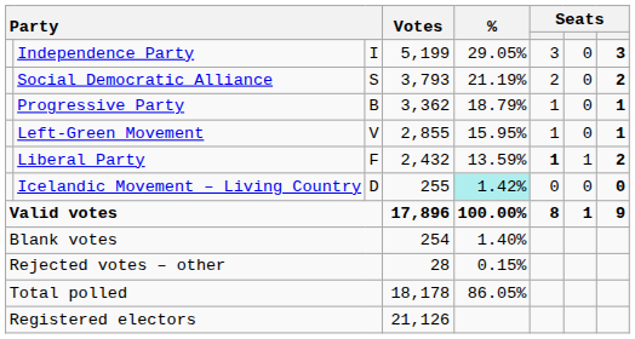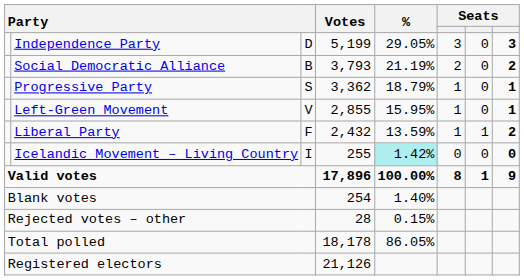 <table class="wikitable" border="1" style="text-align:right;">
 <tr>
 <th style="text-align:left;" valign=bottom rowspan=2 colspan=3>Party</th>
 <th align=center valign=bottom rowspan=2 width="50">Votes</th>
 <th align=center valign=bottom rowspan=2 width="50">%</th>
 <th colspan=3>Seats</th>
 </tr>
 <tr>
 <th align=center valign=bottom width="20"><small></small></th>
 <th align=center valign=bottom width="20"><small><a href='#'></a></small></th>
 <th align=center valign=bottom width="20"><small></small></th>
 </tr>
 <tr>
 <td></td>
 <td align=left><a href='#'>Independence Party</a></td>
-<td align=left>I</td>
+<td align=left>D</td>
 <td>5,199</td>
 <td>29.05%</td>
 <td>3</td>
 <td>0</td>
 <td><strong>3</strong></td>
 </tr>
 <tr>
 <td></td>
 <td align=left style="white-space: nowrap;"><a href='#'>Social Democratic Alliance</a></td>
-<td align=left>S</td>
+<td align=left>B</td>
 <td>3,793</td>
 <td>21.19%</td>
 <td>2</td>
 <td>0</td>
 <td><strong>2</strong></td>
 </tr>
 <tr>
 <td></td>
 <td align=left><a href='#'>Progressive Party</a></td>
-<td align=left>B</td>
+<td align=left>S</td>
 <td>3,362</td>
 <td>18.79%</td>
 <td>1</td>
 <td>0</td>
 <td><strong>1</strong></td>
 </tr>
 <tr>
 <td></td>
 <td align=left><a href='#'>Left-Green Movement</a></td>
 <td align=left>V</td>
 <td>2,855</td>
 <td>15.95%</td>
 <td>1</td>
 <td>0</td>
 <td><strong>1</strong></td>
 </tr>
 <tr>
 <td></td>
 <td align=left><a href='#'>Liberal Party</a></td>
 <td align=left>F</td>
 <td>2,432</td>
 <td>13.59%</td>
-<td><strong>1</strong></td>
+<td>1</td>
 <td>1</td>
 <td><strong>2</strong></td>
 </tr>
 <tr>
 <td></td>
 <td align=left><a href='#'>Icelandic Movement – Living Country</a></td>
-<td align=left>D</td>
+<td align=left>I</td>
 <td>255</td>
 <td style="background: paleturquoise;">1.42%</td>
 <td>0</td>
 <td>0</td>
 <td><strong>0</strong></td>
 </tr>
 <tr style="font-weight:bold">
 <td align=left colspan=3>Valid votes</td>
 <td>17,896</td>
 <td>100.00%</td>
 <td>8</td>
 <td>1</td>
 <td>9</td>
 </tr>
 <tr>
 <td align=left colspan=3>Blank votes</td>
 <td>254</td>
 <td>1.40%</td>
 <td></td>
 <td></td>
 <td></td>
 </tr>
 <tr>
 <td align=left colspan=3>Rejected votes – other</td>
 <td>28</td>
 <td>0.15%</td>
 <td></td>
 <td></td>
 <td></td>
 </tr>
 <tr>
 <td align=left colspan=3>Total polled</td>
 <td>18,178</td>
 <td>86.05%</td>
 <td></td>
 <td></td>
 <td></td>
 </tr>
 <tr>
 <td align=left colspan=3>Registered electors</td>
 <td>21,126</td>
 <td></td>
 <td></td>
 <td></td>
 <td></td>
 </tr>
 </table>
